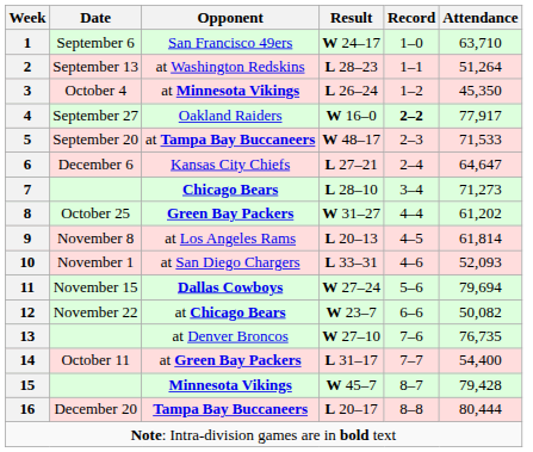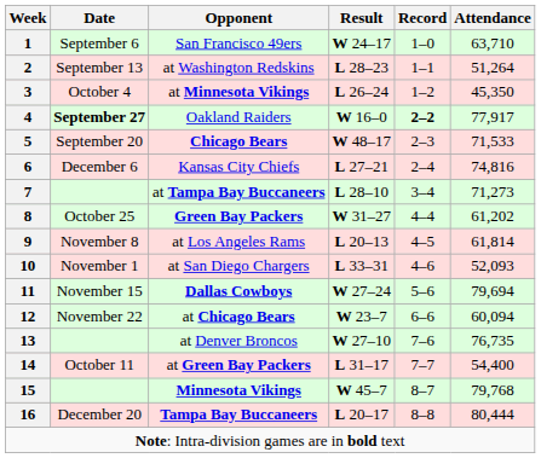 <table class="wikitable" style="text-align:center;">
 <tr>
 <th>Week</th>
 <th>Date</th>
 <th>Opponent</th>
 <th>Result</th>
 <th>Record</th>
 <th>Attendance</th>
 </tr>
 <tr style="background: #ddffdd;">
 <th>1</th>
 <td>September 6</td>
 <td><a href='#'>San Francisco 49ers</a></td>
 <td><strong>W</strong> 24–17</td>
 <td>1–0</td>
 <td>63,710</td>
 </tr>
 <tr style="background: #ffdddd;">
 <th>2</th>
 <td>September 13</td>
 <td>at <a href='#'>Washington Redskins</a></td>
 <td><strong>L</strong> 28–23</td>
 <td>1–1</td>
 <td>51,264</td>
 </tr>
 <tr style="background: #ffdddd;">
 <th>3</th>
 <td>October 4</td>
 <td>at <strong><a href='#'>Minnesota Vikings</a></strong></td>
 <td><strong>L</strong> 26–24</td>
 <td>1–2</td>
 <td>45,350</td>
 </tr>
 <tr style="background: #ddffdd;">
 <th>4</th>
-<td>September 27</td>
+<td><strong>September 27</strong></td>
 <td><a href='#'>Oakland Raiders</a></td>
 <td><strong>W</strong> 16–0</td>
 <td><strong>2–2</strong></td>
 <td>77,917</td>
 </tr>
 <tr style="background: #ffdddd;">
 <th>5</th>
 <td>September 20</td>
-<td>at <strong><a href='#'>Tampa Bay Buccaneers</a></strong></td>
+<td><strong><a href='#'>Chicago Bears</a></strong></td>
 <td><strong>W</strong> 48–17</td>
 <td>2–3</td>
 <td>71,533</td>
 </tr>
 <tr style="background: #ffdddd;">
 <th>6</th>
 <td>December 6</td>
 <td><a href='#'>Kansas City Chiefs</a></td>
 <td><strong>L</strong> 27–21</td>
 <td>2–4</td>
-<td>64,647</td>
+<td>74,816</td>
 </tr>
 <tr style="background: #ddffdd;">
 <th>7</th>
 <td></td>
-<td><strong><a href='#'>Chicago Bears</a></strong></td>
+<td>at <strong><a href='#'>Tampa Bay Buccaneers</a></strong></td>
 <td><strong>L</strong> 28–10</td>
 <td>3–4</td>
 <td>71,273</td>
 </tr>
 <tr style="background: #ddffdd;">
 <th>8</th>
 <td>October 25</td>
 <td><strong><a href='#'>Green Bay Packers</a></strong></td>
 <td><strong>W</strong> 31–27</td>
 <td>4–4</td>
 <td>61,202</td>
 </tr>
 <tr style="background: #ffdddd;">
 <th>9</th>
 <td>November 8</td>
 <td>at <a href='#'>Los Angeles Rams</a></td>
 <td><strong>L</strong> 20–13</td>
 <td>4–5</td>
 <td>61,814</td>
 </tr>
 <tr style="background: #ffdddd;">
 <th>10</th>
 <td>November 1</td>
 <td>at <a href='#'>San Diego Chargers</a></td>
 <td><strong>L</strong> 33–31</td>
 <td>4–6</td>
 <td>52,093</td>
 </tr>
 <tr style="background: #ddffdd;">
 <th>11</th>
 <td>November 15</td>
 <td><strong><a href='#'>Dallas Cowboys</a></strong></td>
 <td><strong>W</strong> 27–24</td>
 <td>5–6</td>
 <td>79,694</td>
 </tr>
 <tr style="background: #ddffdd;">
 <th>12</th>
 <td>November 22</td>
 <td>at <strong><a href='#'>Chicago Bears</a></strong></td>
 <td><strong>W</strong> 23–7</td>
 <td>6–6</td>
-<td>50,082</td>
+<td>60,094</td>
 </tr>
 <tr style="background: #ddffdd;">
 <th>13</th>
 <td></td>
 <td>at <a href='#'>Denver Broncos</a></td>
 <td><strong>W</strong> 27–10</td>
 <td>7–6</td>
 <td>76,735</td>
 </tr>
 <tr style="background: #ffdddd;">
 <th>14</th>
 <td>October 11</td>
 <td>at <strong><a href='#'>Green Bay Packers</a></strong></td>
 <td><strong>L</strong> 31–17</td>
 <td>7–7</td>
 <td>54,400</td>
 </tr>
 <tr style="background: #ddffdd;">
 <th>15</th>
 <td></td>
 <td><strong><a href='#'>Minnesota Vikings</a></strong></td>
 <td><strong>W</strong> 45–7</td>
 <td>8–7</td>
-<td>79,428</td>
+<td>79,768</td>
 </tr>
 <tr style="background: #ffdddd;">
 <th>16</th>
 <td>December 20</td>
 <td><strong><a href='#'>Tampa Bay Buccaneers</a></strong></td>
 <td><strong>L</strong> 20–17</td>
 <td>8–8</td>
 <td>80,444</td>
 </tr>
 <tr>
 <td colspan="6"><strong>Note</strong>: Intra-division games are in <strong>bold</strong> text</td>
 </tr>
 </table>
